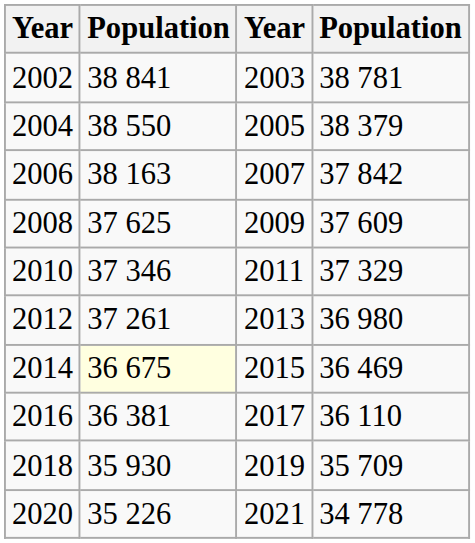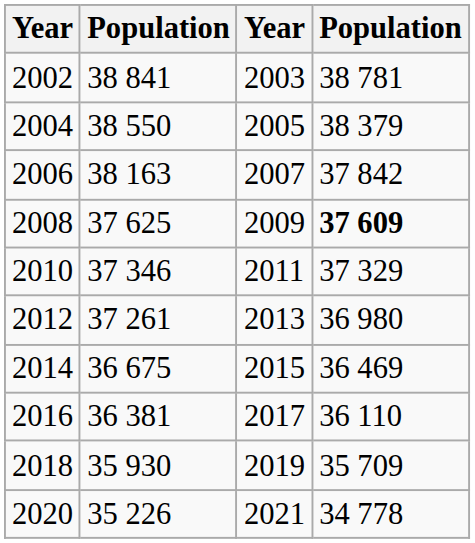 <table class=wikitable>
 <tr>
 <th>Year</th>
 <th>Population</th>
 <th>Year</th>
 <th>Population</th>
 </tr>
 <tr>
 <td>2002</td>
 <td>38 841 </td>
 <td>2003</td>
 <td>38 781 </td>
 </tr>
 <tr>
 <td>2004</td>
 <td>38 550 </td>
 <td>2005</td>
 <td>38 379 </td>
 </tr>
 <tr>
 <td>2006</td>
 <td>38 163 </td>
 <td>2007</td>
 <td>37 842 </td>
 </tr>
 <tr>
 <td>2008</td>
 <td>37 625 </td>
 <td>2009</td>
-<td>37 609 </td>
+<td><strong>37 609 </strong></td>
 </tr>
 <tr>
 <td>2010</td>
 <td>37 346 </td>
 <td>2011</td>
 <td>37 329 </td>
 </tr>
 <tr>
 <td>2012</td>
 <td>37 261 </td>
 <td>2013</td>
 <td>36 980 </td>
 </tr>
 <tr>
 <td>2014</td>
-<td style="background: lightyellow;">36 675 </td>
+<td>36 675 </td>
 <td>2015</td>
 <td>36 469 </td>
 </tr>
 <tr>
 <td>2016</td>
 <td>36 381 </td>
 <td>2017</td>
 <td>36 110 </td>
 </tr>
 <tr>
 <td>2018</td>
 <td>35 930 </td>
 <td>2019</td>
 <td>35 709 </td>
 </tr>
 <tr>
 <td>2020</td>
 <td>35 226 </td>
 <td>2021</td>
 <td>34 778 </td>
 </tr>
 </table>
